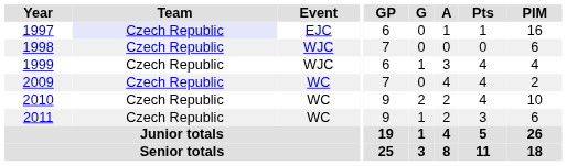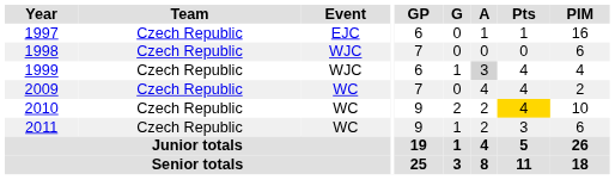 <table border="0" cellpadding="1" cellspacing="0" ID="Table3" style="text-align:center; width:40em">
 <tr ALIGN="center" bgcolor="#e0e0e0">
 <th>Year</th>
 <th>Team</th>
 <th>Event</th>
 <th rowspan="99" bgcolor="#ffffff"></th>
 <th>GP</th>
 <th>G</th>
 <th>A</th>
 <th>Pts</th>
 <th>PIM</th>
 </tr>
 <tr>
 <td><a href='#'>1997</a></td>
-<td style="background: lavender;"><a href='#'>Czech Republic</a></td>
+<td><a href='#'>Czech Republic</a></td>
 <td><a href='#'>EJC</a></td>
 <td>6</td>
 <td>0</td>
 <td>1</td>
 <td>1</td>
 <td>16</td>
 </tr>
 <tr bgcolor="#f0f0f0">
 <td><a href='#'>1998</a></td>
 <td><a href='#'>Czech Republic</a></td>
 <td><a href='#'>WJC</a></td>
 <td>7</td>
 <td>0</td>
 <td>0</td>
 <td>0</td>
 <td>6</td>
 </tr>
 <tr>
 <td><a href='#'>1999</a></td>
 <td>Czech Republic</td>
 <td>WJC</td>
 <td>6</td>
 <td>1</td>
-<td>3</td>
+<td style="background: lightgrey;">3</td>
 <td>4</td>
 <td>4</td>
 </tr>
 <tr bgcolor="#f0f0f0">
 <td><a href='#'>2009</a></td>
 <td><a href='#'>Czech Republic</a></td>
 <td><a href='#'>WC</a></td>
 <td>7</td>
 <td>0</td>
 <td>4</td>
 <td>4</td>
 <td>2</td>
 </tr>
 <tr>
 <td><a href='#'>2010</a></td>
 <td>Czech Republic</td>
 <td>WC</td>
 <td>9</td>
 <td>2</td>
 <td>2</td>
-<td>4</td>
+<td style="background: gold;">4</td>
 <td>10</td>
 </tr>
 <tr bgcolor="#f0f0f0">
 <td><a href='#'>2011</a></td>
 <td>Czech Republic</td>
 <td>WC</td>
 <td>9</td>
 <td>1</td>
 <td>2</td>
 <td>3</td>
 <td>6</td>
 </tr>
 <tr bgcolor="#e0e0e0">
 <th colspan="3">Junior totals</th>
 <th>19</th>
 <th>1</th>
 <th>4</th>
 <th>5</th>
 <th>26</th>
 </tr>
 <tr bgcolor="#e0e0e0">
 <th colspan="3">Senior totals</th>
 <th>25</th>
 <th>3</th>
 <th>8</th>
 <th>11</th>
 <th>18</th>
 </tr>
 </table>
